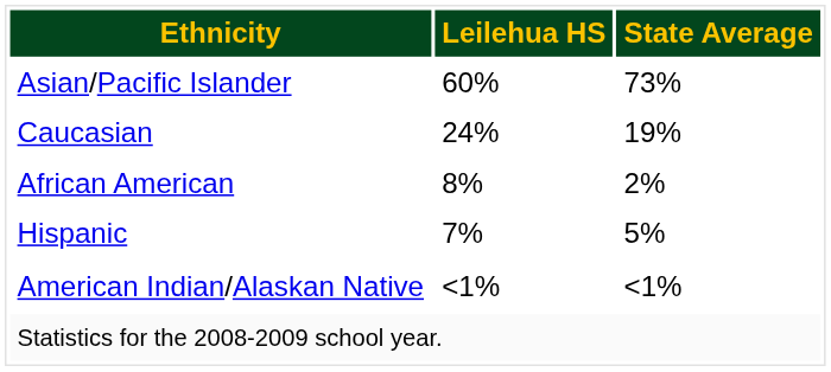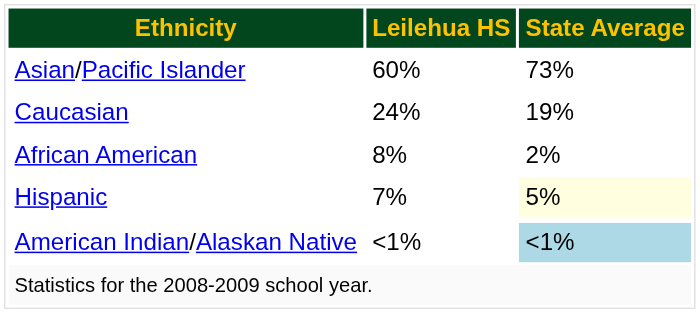 <table cellpadding="4" style="border: 1px solid #e2e2e2;">
 <tr style="background-color: #02461D; color: #FCC200; text-align: center;">
 <td><strong>Ethnicity</strong></td>
 <td><strong>Leilehua HS</strong></td>
 <td><strong>State Average</strong></td>
 </tr>
 <tr>
 <td><a href='#'>Asian</a>/<a href='#'>Pacific Islander</a></td>
 <td>60%</td>
 <td>73%</td>
 </tr>
 <tr>
 <td><a href='#'>Caucasian</a></td>
 <td>24%</td>
 <td>19%</td>
 </tr>
 <tr>
 <td><a href='#'>African American</a></td>
 <td>8%</td>
 <td>2%</td>
 </tr>
 <tr>
 <td><a href='#'>Hispanic</a></td>
 <td>7%</td>
-<td>5%</td>
+<td style="background: lightyellow;">5%</td>
 </tr>
 <tr>
 </tr>
 <tr>
 <td><a href='#'>American Indian</a>/<a href='#'>Alaskan Native</a></td>
 <td><1%</td>
-<td><1%</td>
+<td style="background: lightblue;"><1%</td>
 </tr>
 <tr>
 <td colspan="3" style="background-color: #fafafa;"><small>Statistics for the 2008-2009 school year.</small></td>
 </tr>
 </table>
